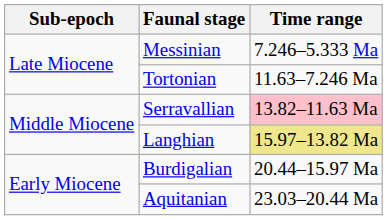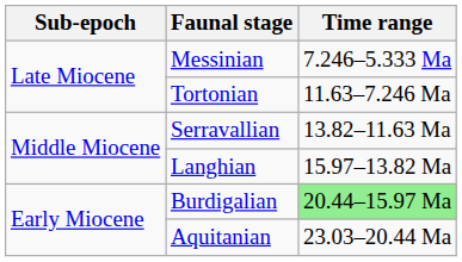 <table class="wikitable">
 <tr>
 <th>Sub-epoch</th>
 <th>Faunal stage</th>
 <th>Time range</th>
 </tr>
 <tr>
 <td rowspan="2"><a href='#'>Late Miocene</a></td>
 <td><a href='#'>Messinian</a></td>
 <td>7.246–5.333 <a href='#'>Ma</a></td>
 </tr>
 <tr>
 <td><a href='#'>Tortonian</a></td>
 <td>11.63–7.246 Ma</td>
 </tr>
 <tr>
 <td rowspan="2"><a href='#'>Middle Miocene</a></td>
 <td><a href='#'>Serravallian</a></td>
-<td style="background: pink;">13.82–11.63 Ma</td>
+<td>13.82–11.63 Ma</td>
 </tr>
 <tr>
 <td><a href='#'>Langhian</a></td>
-<td style="background: khaki;">15.97–13.82 Ma</td>
+<td>15.97–13.82 Ma</td>
 </tr>
 <tr>
 <td rowspan="2"><a href='#'>Early Miocene</a></td>
 <td><a href='#'>Burdigalian</a></td>
-<td>20.44–15.97 Ma</td>
+<td style="background: lightgreen;">20.44–15.97 Ma</td>
 </tr>
 <tr>
 <td><a href='#'>Aquitanian</a></td>
 <td>23.03–20.44 Ma</td>
 </tr>
 </table>
